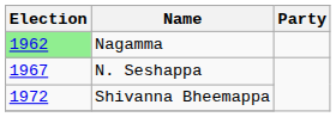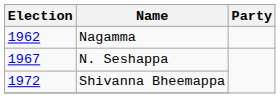 <table class="wikitable sortable">
 <tr>
 <th>Election</th>
 <th>Name</th>
 <th colspan=2>Party</th>
 </tr>
 <tr>
-<td style="background: lightgreen;"><a href='#'>1962</a></td>
+<td><a href='#'>1962</a></td>
 <td>Nagamma</td>
 <td></td>
 </tr>
 <tr>
 <td><a href='#'>1967</a></td>
 <td>N. Seshappa</td>
 </tr>
 <tr>
 <td><a href='#'>1972</a></td>
 <td>Shivanna Bheemappa</td>
 </tr>
 <tr>
 </tr>
 </table>
